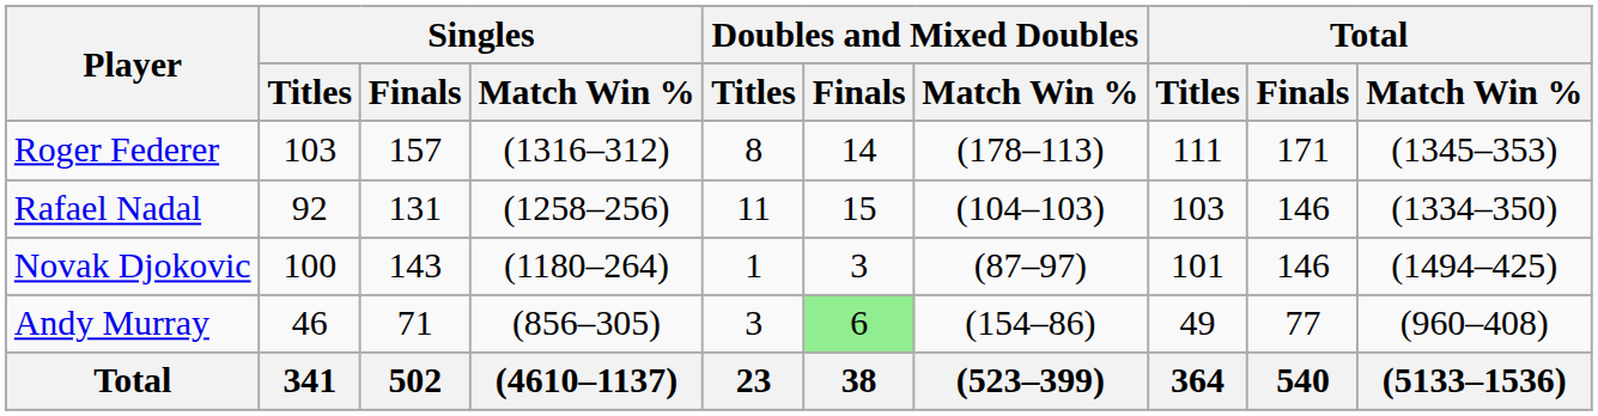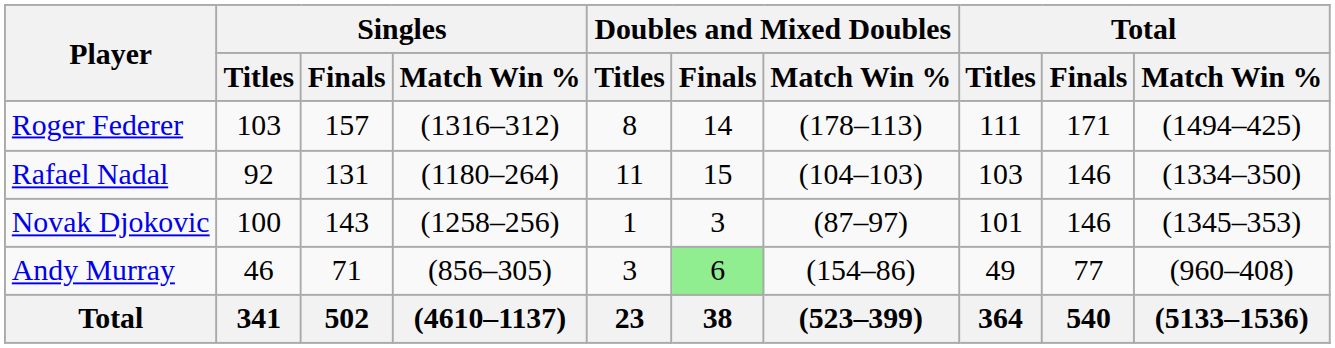 <table class="wikitable" style="text-align:center;font-size:97%">
 <tr>
 <th rowspan="2">Player</th>
 <th colspan="3">Singles</th>
 <th colspan="3">Doubles and Mixed Doubles</th>
 <th colspan="3">Total</th>
 </tr>
 <tr>
 <th>Titles</th>
 <th>Finals</th>
 <th>Match Win %</th>
 <th>Titles</th>
 <th>Finals</th>
 <th>Match Win %</th>
 <th>Titles</th>
 <th>Finals</th>
 <th>Match Win %</th>
 </tr>
 <tr>
 <td style="text-align:left "> <a href='#'>Roger Federer</a></td>
 <td>103</td>
 <td>157</td>
 <td> (1316–312)</td>
 <td>8</td>
 <td>14</td>
 <td> (178–113)</td>
 <td>111</td>
 <td>171</td>
-<td> (1345–353)</td>
+<td> (1494–425)</td>
 </tr>
 <tr>
 <td style="text-align:left "> <a href='#'>Rafael Nadal</a></td>
 <td>92</td>
 <td>131</td>
-<td> (1258–256)</td>
+<td> (1180–264)</td>
 <td>11</td>
 <td>15</td>
 <td> (104–103)</td>
 <td>103</td>
 <td>146</td>
 <td> (1334–350)</td>
 </tr>
 <tr>
 <td style="text-align:left "> <a href='#'>Novak Djokovic</a></td>
 <td>100</td>
 <td>143</td>
-<td> (1180–264)</td>
+<td> (1258–256)</td>
 <td>1</td>
 <td>3</td>
 <td> (87–97)</td>
 <td>101</td>
 <td>146</td>
-<td> (1494–425)</td>
+<td> (1345–353)</td>
 </tr>
 <tr>
 <td style="text-align:left "> <a href='#'>Andy Murray</a></td>
 <td>46</td>
 <td>71</td>
 <td> (856–305)</td>
 <td>3</td>
 <td style="background: lightgreen;">6</td>
 <td> (154–86)</td>
 <td>49</td>
 <td>77</td>
 <td> (960–408)</td>
 </tr>
 <tr>
 <th>Total</th>
 <th>341</th>
 <th>502</th>
 <th> (4610–1137)</th>
 <th>23</th>
 <th>38</th>
 <th> (523–399)</th>
 <th>364</th>
 <th>540</th>
 <th> (5133–1536)</th>
 </tr>
 </table>
